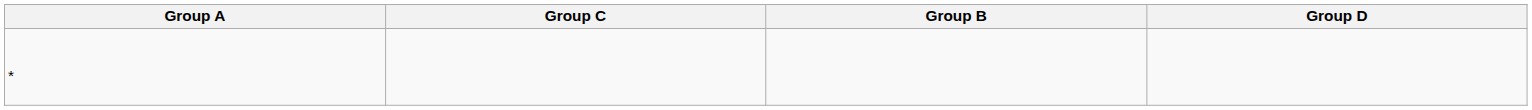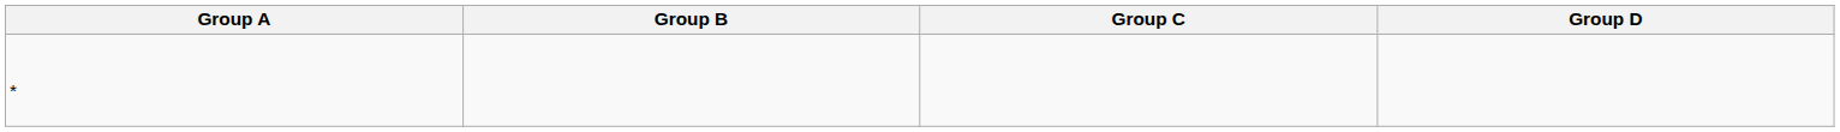 <table class="wikitable" width=80%>
 <tr>
 <th width=25%>Group A</th>
+<th width=25%>Group B</th>
 <th width=25%>Group C</th>
-<th width=25%>Group B</th>
 <th width=25%>Group D</th>
 </tr>
 <tr>
 <td valign=top><br><br> <s></s> *<br> <br> </td>
 <td valign=top><br><br> <br> <br>  </td>
 <td valign=top><br><br> <br> <br>  </td>
 <td valign=top><br><br> <br> <br> </td>
 </tr>
 </table>
